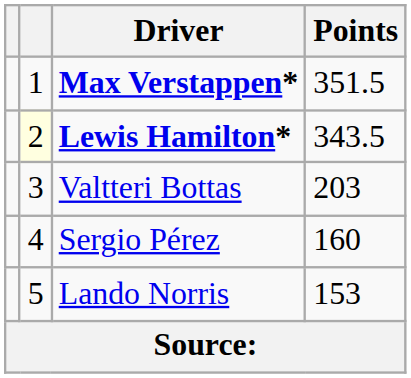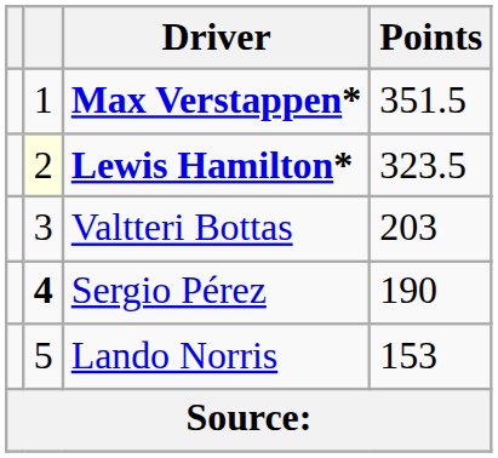 <table class="wikitable" style="font-size: 85%;">
 <tr>
 <th scope="col"></th>
 <th scope="col"></th>
 <th scope="col">Driver</th>
 <th scope="col">Points</th>
 </tr>
 <tr>
 <td align="left"></td>
 <td align="center">1</td>
 <td> <strong><a href='#'>Max Verstappen</a>*</strong></td>
 <td align="left">351.5</td>
 </tr>
 <tr>
 <td align="left"></td>
 <td align="center" style="background: lightyellow;">2</td>
 <td> <strong><a href='#'>Lewis Hamilton</a>*</strong></td>
-<td align="left">343.5</td>
+<td align="left">323.5</td>
 </tr>
 <tr>
 <td align="left"></td>
 <td align="center">3</td>
 <td> <a href='#'>Valtteri Bottas</a></td>
 <td align="left">203</td>
 </tr>
 <tr>
 <td align="left"></td>
-<td align="center">4</td>
+<td align="center"><strong>4</strong></td>
 <td> <a href='#'>Sergio Pérez</a></td>
-<td align="left">160</td>
+<td align="left">190</td>
 </tr>
 <tr>
 <td align="left"></td>
 <td align="center">5</td>
 <td> <a href='#'>Lando Norris</a></td>
 <td align="left">153</td>
 </tr>
 <tr>
 <th colspan=4>Source:</th>
 </tr>
 </table>
